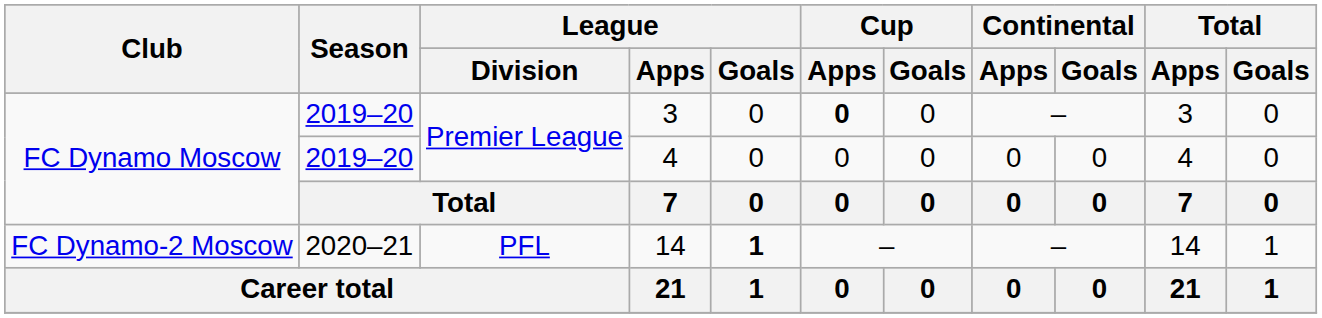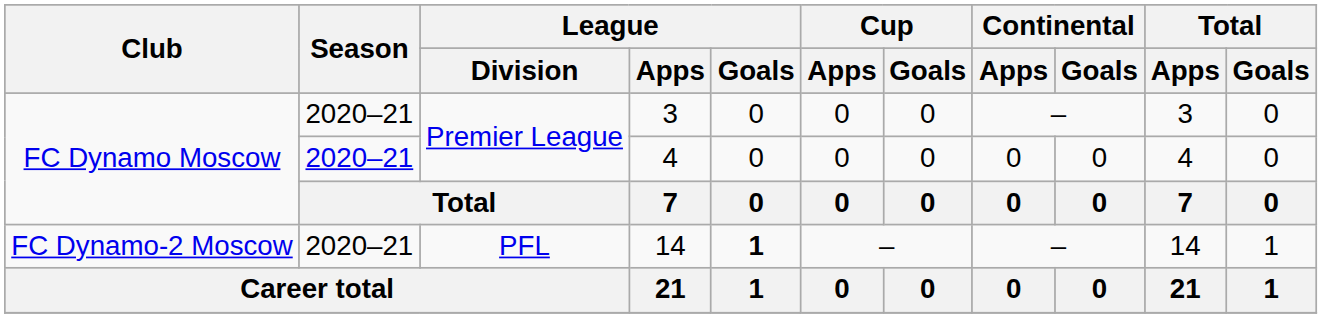 <table class="wikitable" style="text-align: center;">
 <tr>
 <th rowspan=2>Club</th>
 <th rowspan=2>Season</th>
 <th colspan=3>League</th>
 <th colspan=2>Cup</th>
 <th colspan=2>Continental</th>
 <th colspan=2>Total</th>
 </tr>
 <tr>
 <th>Division</th>
 <th>Apps</th>
 <th>Goals</th>
 <th>Apps</th>
 <th>Goals</th>
 <th>Apps</th>
 <th>Goals</th>
 <th>Apps</th>
 <th>Goals</th>
 </tr>
 <tr>
 <td rowspan=3><a href='#'>FC Dynamo Moscow</a></td>
-<td><a href='#'>2019–20</a></td>
+<td>2020–21</td>
 <td rowspan=2><a href='#'>Premier League</a></td>
 <td>3</td>
 <td>0</td>
-<td><strong>0</strong></td>
+<td>0</td>
 <td>0</td>
 <td colspan=2>–</td>
 <td>3</td>
 <td>0</td>
 </tr>
 <tr>
-<td><a href='#'>2019–20</a></td>
+<td><a href='#'>2020–21</a></td>
 <td>4</td>
 <td>0</td>
 <td>0</td>
 <td>0</td>
 <td>0</td>
 <td>0</td>
 <td>4</td>
 <td>0</td>
 </tr>
 <tr>
 <th colspan=2>Total</th>
 <th>7</th>
 <th>0</th>
 <th>0</th>
 <th>0</th>
 <th>0</th>
 <th>0</th>
 <th>7</th>
 <th>0</th>
 </tr>
 <tr>
 <td><a href='#'>FC Dynamo-2 Moscow</a></td>
 <td>2020–21</td>
 <td><a href='#'>PFL</a></td>
 <td>14</td>
 <td><strong>1</strong></td>
 <td colspan=2>–</td>
 <td colspan=2>–</td>
 <td>14</td>
 <td>1</td>
 </tr>
 <tr>
 <th colspan=3>Career total</th>
 <th>21</th>
 <th>1</th>
 <th>0</th>
 <th>0</th>
 <th>0</th>
 <th>0</th>
 <th>21</th>
 <th>1</th>
 </tr>
 <tr>
 </tr>
 </table>
